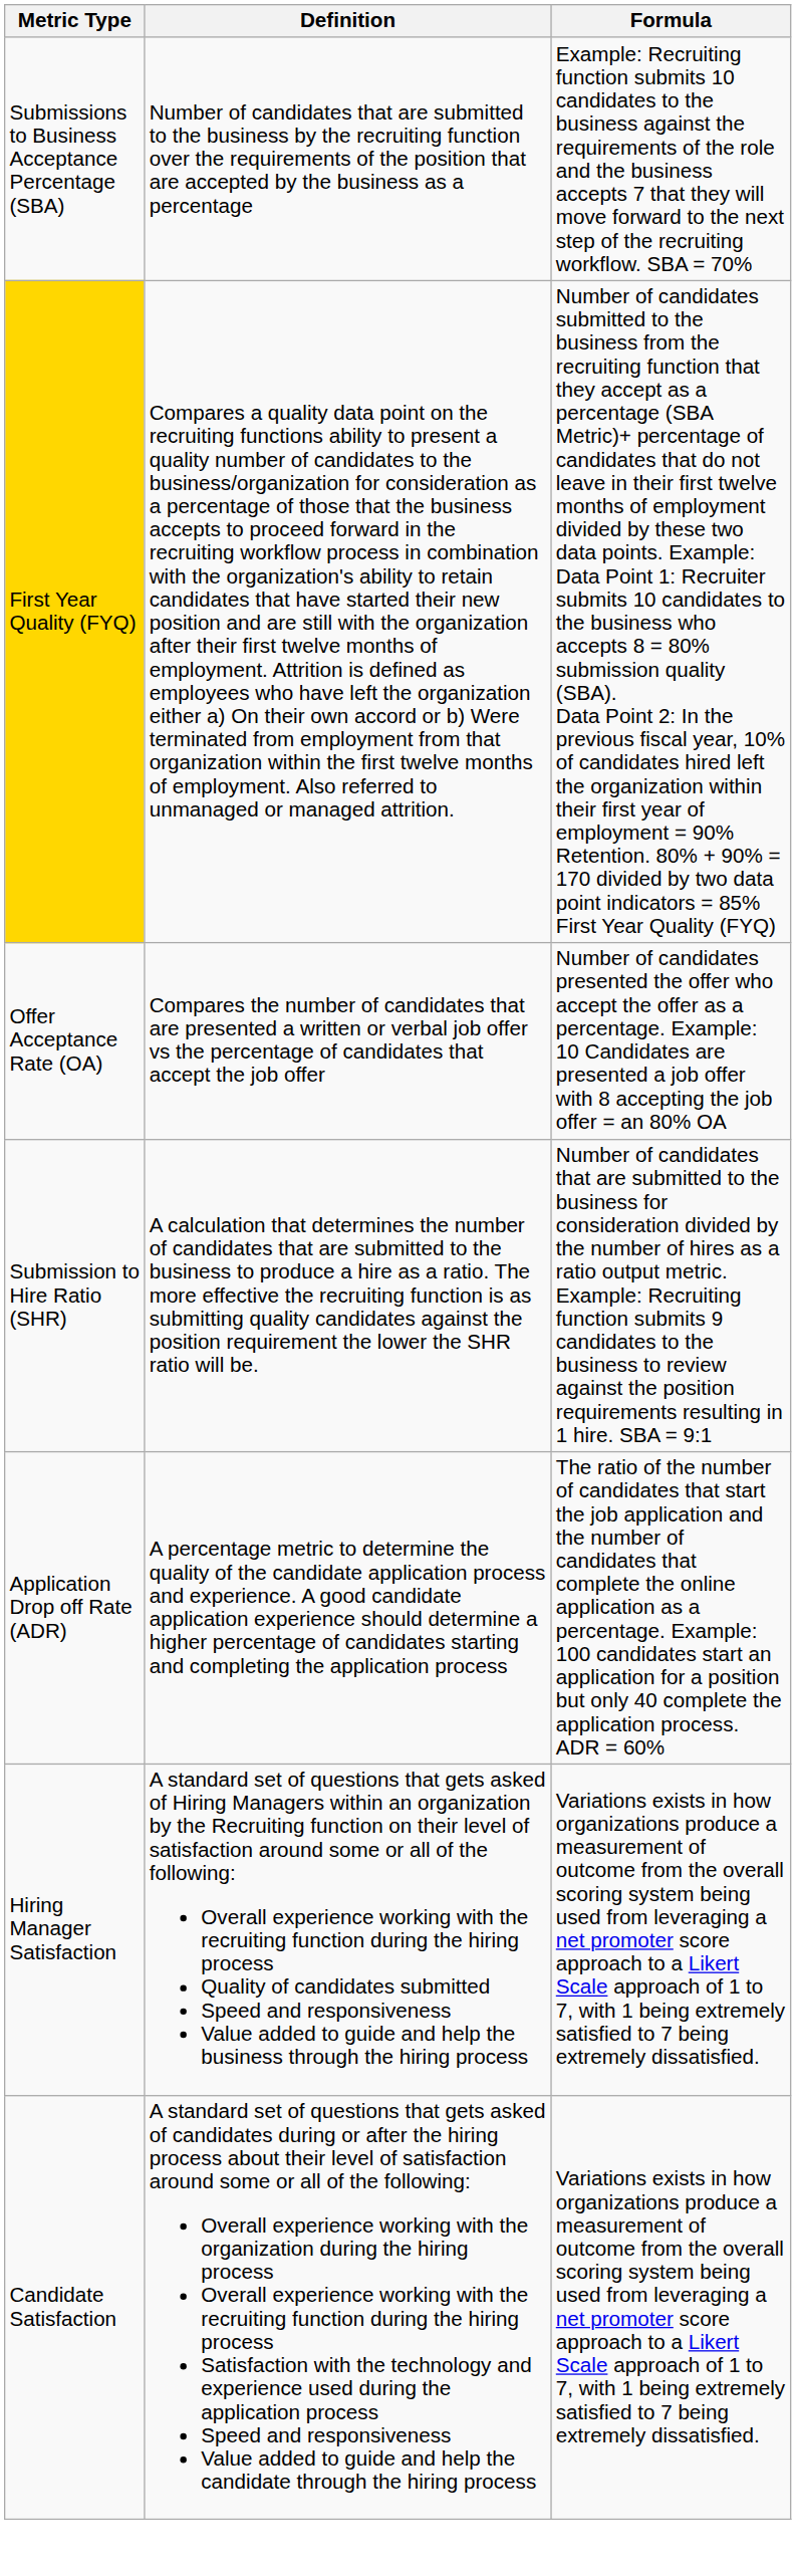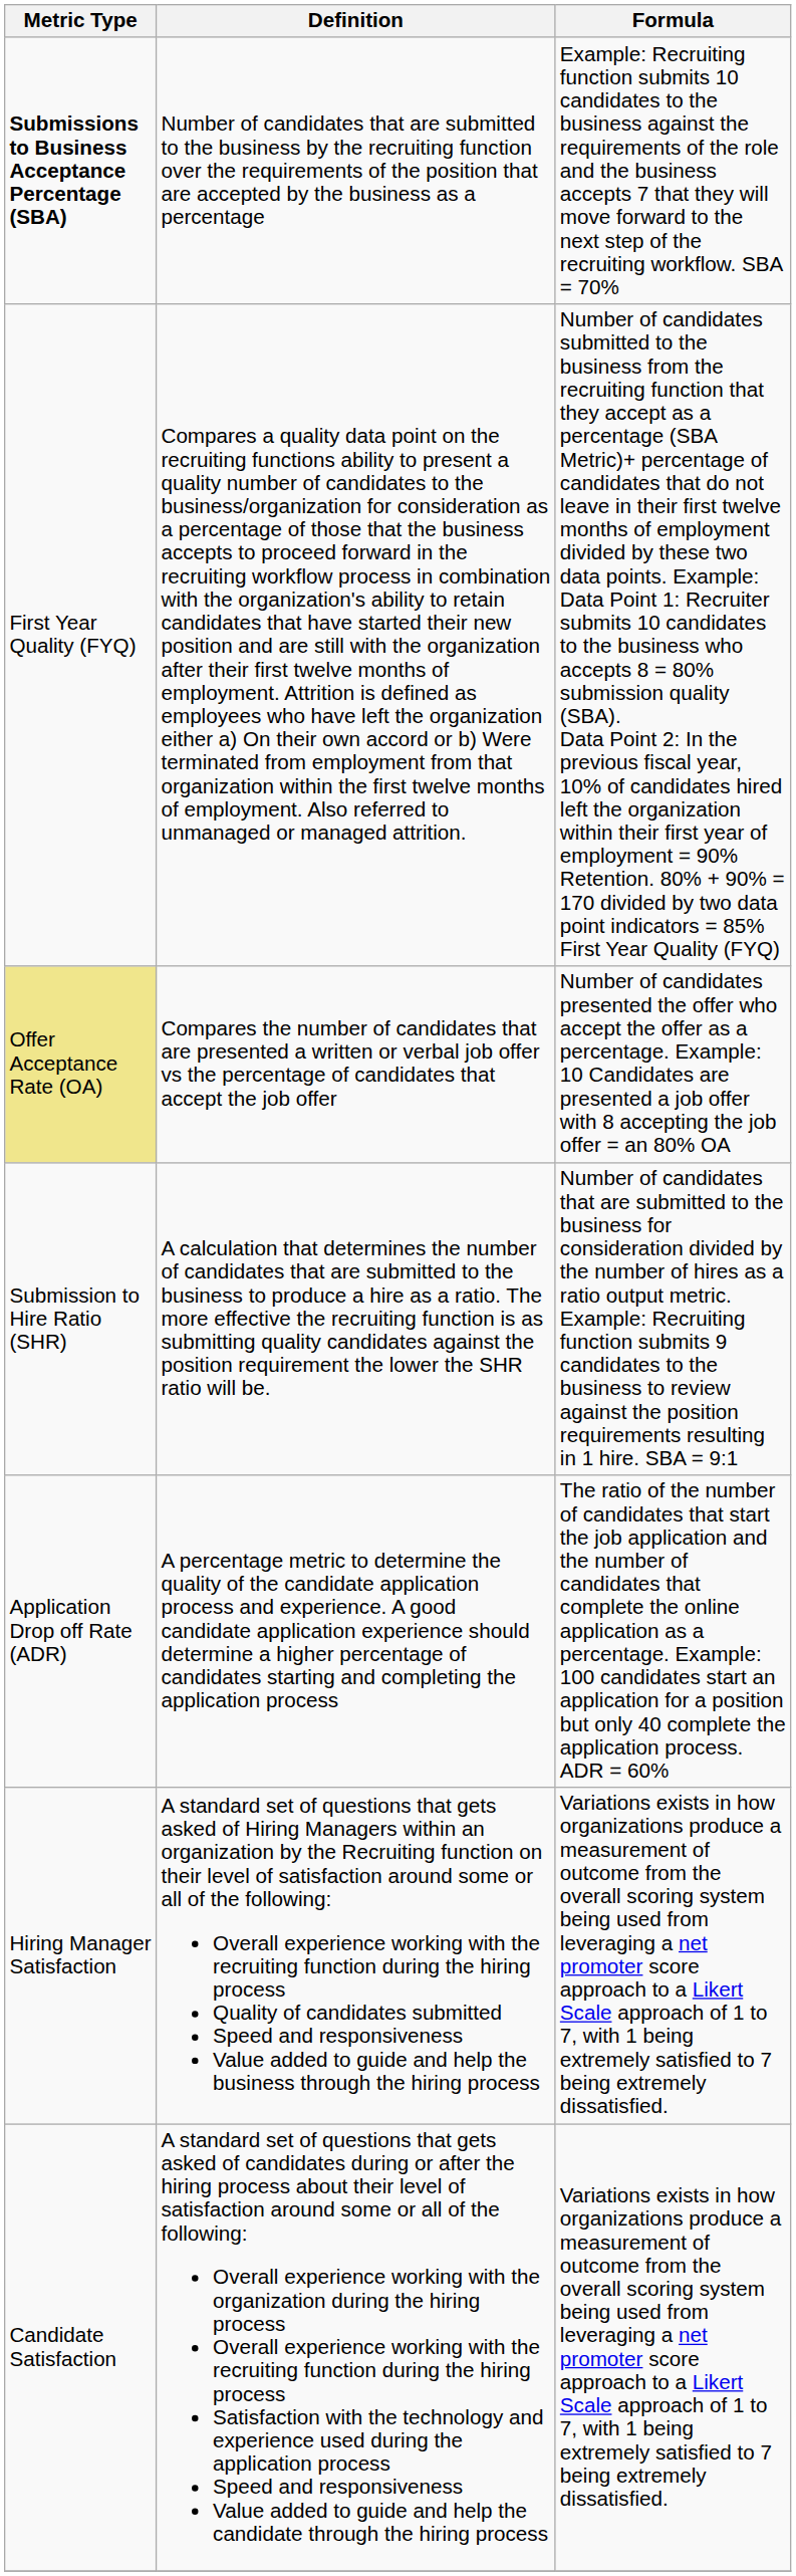 <table class="wikitable">
 <tr>
 <th>Metric Type</th>
 <th>Definition</th>
 <th>Formula</th>
 </tr>
 <tr>
-<td>Submissions to Business Acceptance Percentage (SBA)</td>
+<td><strong>Submissions to Business Acceptance Percentage (SBA)</strong></td>
 <td>Number of candidates that are submitted to the business by the recruiting function over the requirements of the position that are accepted by the business as a percentage</td>
 <td>Example: Recruiting function submits 10 candidates to the business against the requirements of the role and the business accepts 7 that they will move forward to the next step of the recruiting workflow. SBA = 70%</td>
 </tr>
 <tr>
-<td style="background: gold;">First Year Quality (FYQ)</td>
+<td>First Year Quality (FYQ)</td>
 <td>Compares a quality data point on the recruiting functions ability to present a quality number of candidates to the business/organization for consideration as a percentage of those that the business accepts to proceed forward in the recruiting workflow process in combination with the organization's ability to retain candidates that have started their new position and are still with the organization after their first twelve months of employment. Attrition is defined as employees who have left the organization either a) On their own accord or b) Were terminated from employment from that organization within the first twelve months of employment. Also referred to unmanaged or managed attrition.</td>
 <td>Number of candidates submitted to the business from the recruiting function that they accept as a percentage (SBA Metric)+ percentage of candidates that do not leave in their first twelve months of employment divided by these two data points. Example: Data Point 1: Recruiter submits 10 candidates to the business who accepts 8 = 80% submission quality (SBA).<br>Data Point 2: In the previous fiscal year, 10% of candidates hired left the organization within their first year of employment = 90% Retention. 80% + 90% = 170 divided by two data point indicators = 85% First Year Quality (FYQ)</td>
 </tr>
 <tr>
-<td>Offer Acceptance Rate (OA)</td>
+<td style="background: khaki;">Offer Acceptance Rate (OA)</td>
 <td>Compares the number of candidates that are presented a written or verbal job offer vs the percentage of candidates that accept the job offer</td>
 <td>Number of candidates presented the offer who accept the offer as a percentage. Example: 10 Candidates are presented a job offer with 8 accepting the job offer = an 80% OA</td>
 </tr>
 <tr>
 <td>Submission to Hire Ratio (SHR)</td>
 <td>A calculation that determines the number of candidates that are submitted to the business to produce a hire as a ratio. The more effective the recruiting function is as submitting quality candidates against the position requirement the lower the SHR ratio will be.</td>
 <td>Number of candidates that are submitted to the business for consideration divided by the number of hires as a ratio output metric. Example: Recruiting function submits 9 candidates to the business to review against the position requirements resulting in 1 hire. SBA = 9:1</td>
 </tr>
 <tr>
 <td>Application Drop off Rate (ADR)</td>
 <td>A percentage metric to determine the quality of the candidate application process and experience. A good candidate application experience should determine a higher percentage of candidates starting and completing the application process</td>
 <td>The ratio of the number of candidates that start the job application and the number of candidates that complete the online application as a percentage. Example: 100 candidates start an application for a position but only 40 complete the application process. ADR = 60%</td>
 </tr>
 <tr>
 <td>Hiring Manager Satisfaction</td>
 <td>A standard set of questions that gets asked of Hiring Managers within an organization by the Recruiting function on their level of satisfaction around some or all of the following:<br><ul><li>Overall experience working with the recruiting function during the hiring process</li><li>Quality of candidates submitted</li><li>Speed and responsiveness</li><li>Value added to guide and help the business through the hiring process</li></ul></td>
 <td>Variations exists in how organizations produce a measurement of outcome from the overall scoring system being used from leveraging a <a href='#'>net promoter</a> score approach to a <a href='#'>Likert Scale</a> approach of 1 to 7, with 1 being extremely satisfied to 7 being extremely dissatisfied.</td>
 </tr>
 <tr>
 <td>Candidate Satisfaction</td>
 <td>A standard set of questions that gets asked of candidates during or after the hiring process about their level of satisfaction around some or all of the following:<br><ul><li>Overall experience working with the organization during the hiring process</li><li>Overall experience working with the recruiting function during the hiring process</li><li>Satisfaction with the technology and experience used during the application process</li><li>Speed and responsiveness</li><li>Value added to guide and help the candidate through the hiring process</li></ul></td>
 <td>Variations exists in how organizations produce a measurement of outcome from the overall scoring system being used from leveraging a <a href='#'>net promoter</a> score approach to a <a href='#'>Likert Scale</a> approach of 1 to 7, with 1 being extremely satisfied to 7 being extremely dissatisfied.</td>
 </tr>
 <tr>
 </tr>
 </table>
